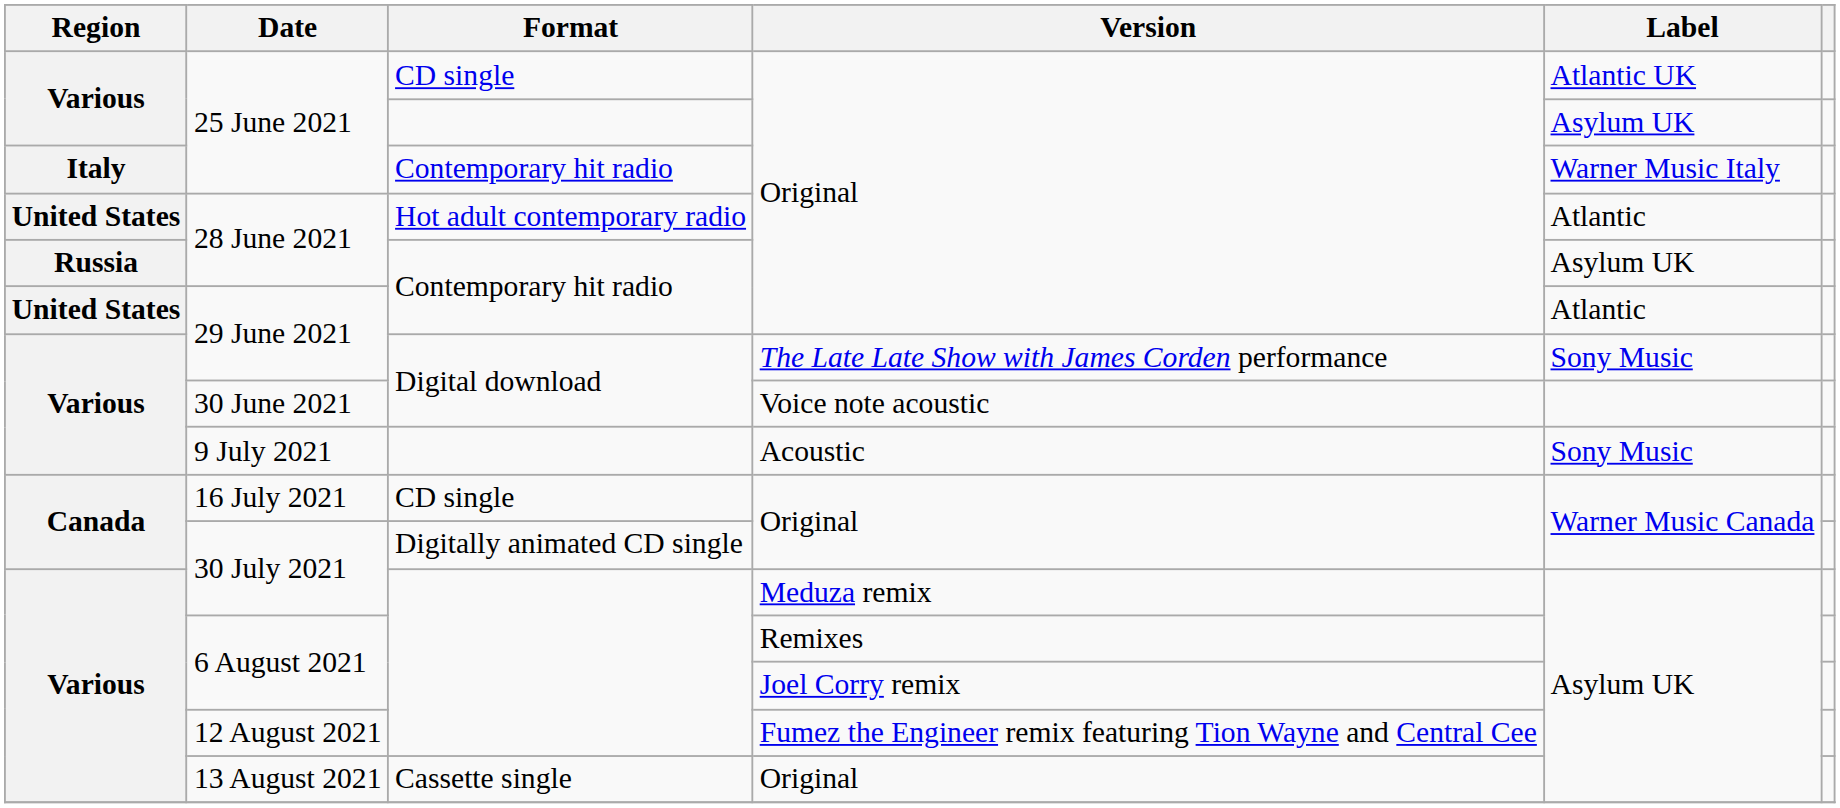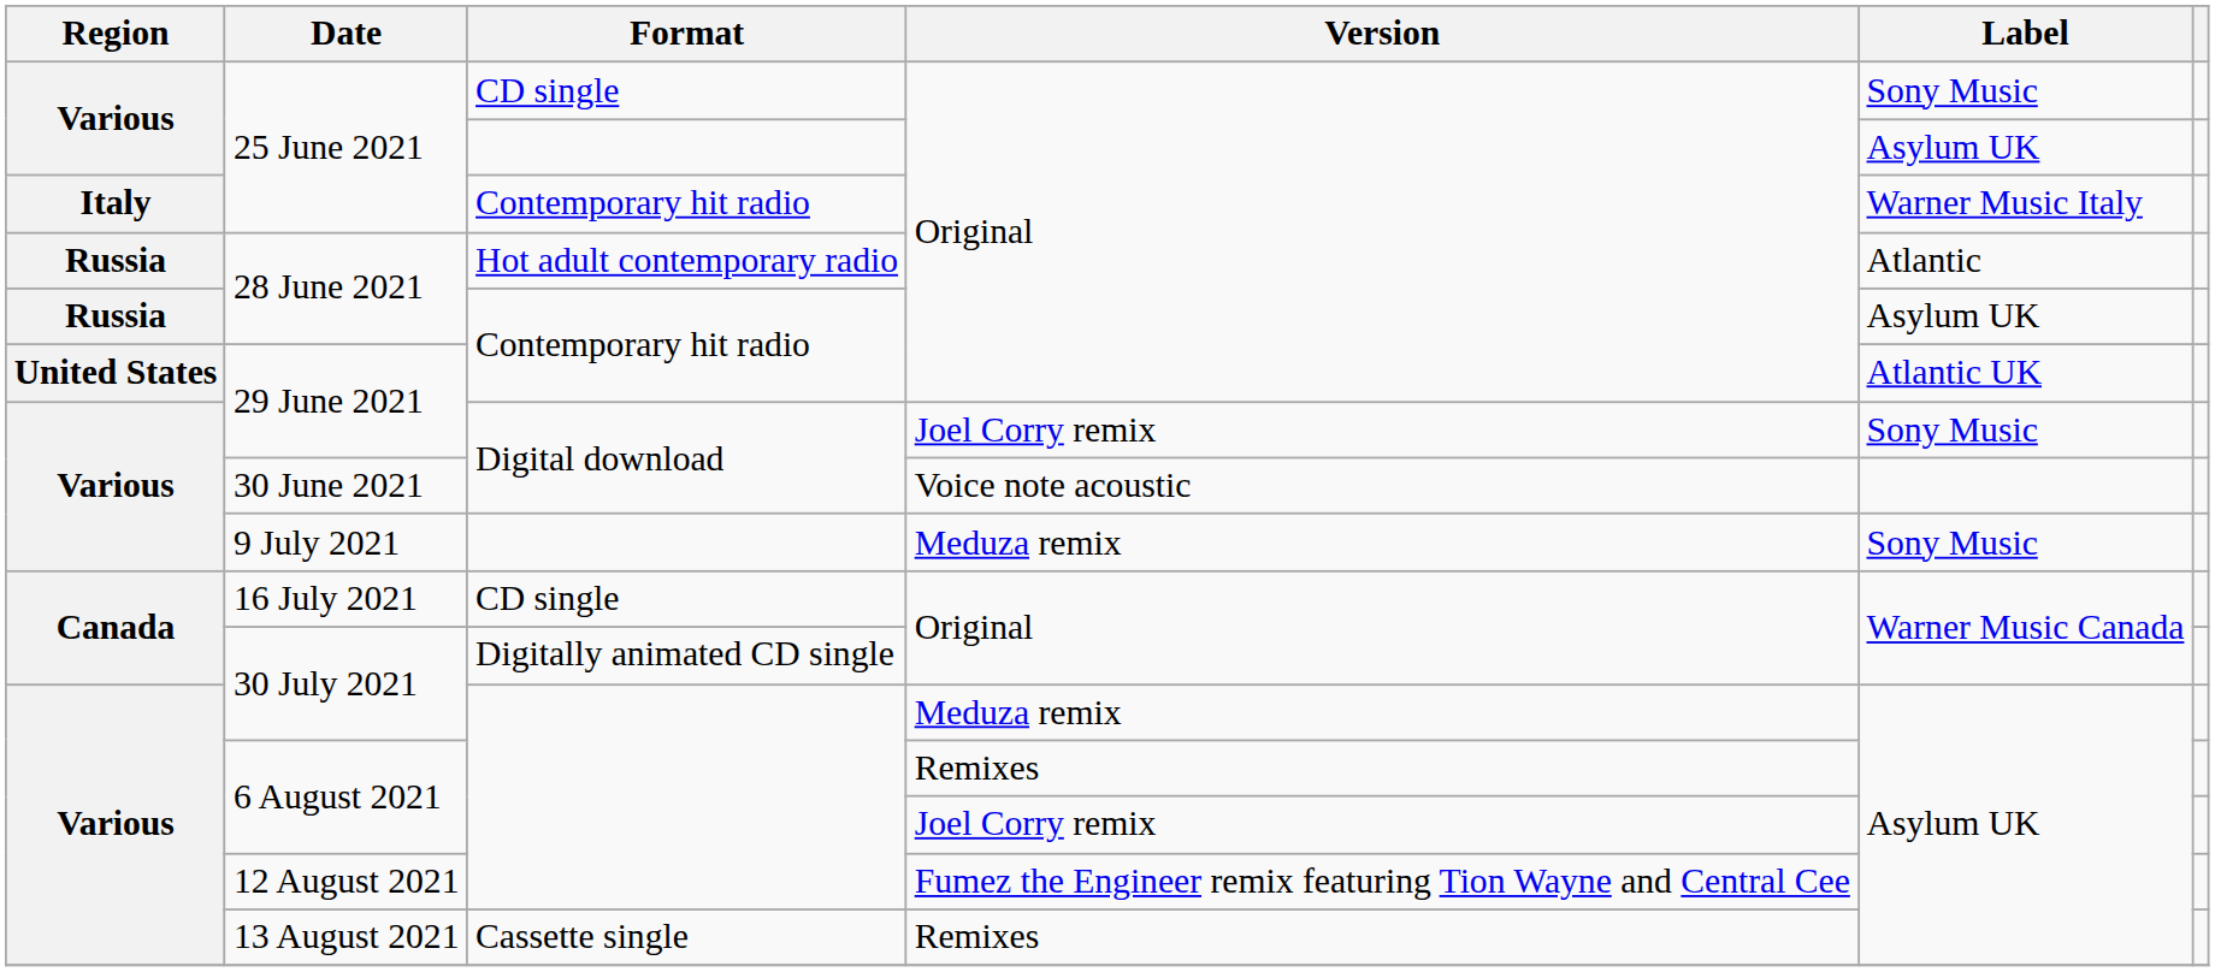 <table class="wikitable plainrowheaders">
 <tr>
 <th scope="col">Region</th>
 <th scope="col">Date</th>
 <th scope="col">Format</th>
 <th scope="col">Version</th>
 <th scope="col">Label</th>
 <th scope="col"></th>
 </tr>
 <tr>
 <th scope="row" rowspan="2">Various</th>
 <td rowspan="3">25 June 2021</td>
 <td><a href='#'>CD single</a></td>
 <td rowspan="6">Original</td>
-<td><a href='#'>Atlantic UK</a></td>
+<td><a href='#'>Sony Music</a></td>
 <td align="center"></td>
 </tr>
 <tr>
 <td></td>
 <td><a href='#'>Asylum UK</a></td>
 <td align="center"></td>
 </tr>
 <tr>
 <th scope="row">Italy</th>
 <td><a href='#'>Contemporary hit radio</a></td>
 <td><a href='#'>Warner Music Italy</a></td>
 <td align="center"></td>
 </tr>
 <tr>
-<th scope="row">United States</th>
+<th scope="row">Russia</th>
 <td rowspan="2">28 June 2021</td>
 <td><a href='#'>Hot adult contemporary radio</a></td>
 <td>Atlantic</td>
 <td align="center"></td>
 </tr>
 <tr>
 <th scope="row">Russia</th>
 <td rowspan="2">Contemporary hit radio</td>
 <td>Asylum UK</td>
 <td align="center"></td>
 </tr>
 <tr>
 <th scope="row">United States</th>
 <td rowspan="2">29 June 2021</td>
-<td>Atlantic</td>
+<td><a href='#'>Atlantic UK</a></td>
 <td align="center"></td>
 </tr>
 <tr>
 <th scope="row" rowspan="3">Various</th>
 <td rowspan="2">Digital download</td>
-<td><em><a href='#'>The Late Late Show with James Corden</a></em> performance</td>
+<td><a href='#'>Joel Corry</a> remix</td>
 <td><a href='#'>Sony Music</a></td>
 <td align="center"></td>
 </tr>
 <tr>
 <td>30 June 2021</td>
 <td>Voice note acoustic</td>
 <td align="center"></td>
 </tr>
 <tr>
 <td>9 July 2021</td>
 <td></td>
-<td>Acoustic</td>
+<td><a href='#'>Meduza</a> remix</td>
 <td><a href='#'>Sony Music</a></td>
 <td align="center"></td>
 </tr>
 <tr>
 <th scope="row" rowspan="2">Canada</th>
 <td>16 July 2021</td>
 <td>CD single</td>
 <td rowspan="2">Original</td>
 <td rowspan="2"><a href='#'>Warner Music Canada</a></td>
 <td align="center"></td>
 </tr>
 <tr>
 <td rowspan="2">30 July 2021</td>
 <td>Digitally animated CD single</td>
 <td align="center"></td>
 </tr>
 <tr>
 <th scope="row" rowspan="5">Various</th>
 <td rowspan="4"></td>
 <td><a href='#'>Meduza</a> remix</td>
 <td rowspan="5">Asylum UK</td>
 <td align="center"></td>
 </tr>
 <tr>
 <td rowspan="2">6 August 2021</td>
 <td>Remixes</td>
 <td align="center"></td>
 </tr>
 <tr>
 <td><a href='#'>Joel Corry</a> remix</td>
 <td align="center"></td>
 </tr>
 <tr>
 <td>12 August 2021</td>
 <td><a href='#'>Fumez the Engineer</a> remix featuring <a href='#'>Tion Wayne</a> and <a href='#'>Central Cee</a></td>
 <td align="center"></td>
 </tr>
 <tr>
 <td>13 August 2021</td>
 <td>Cassette single</td>
-<td>Original</td>
+<td>Remixes</td>
 <td align="center"></td>
 </tr>
 <tr>
 </tr>
 </table>
